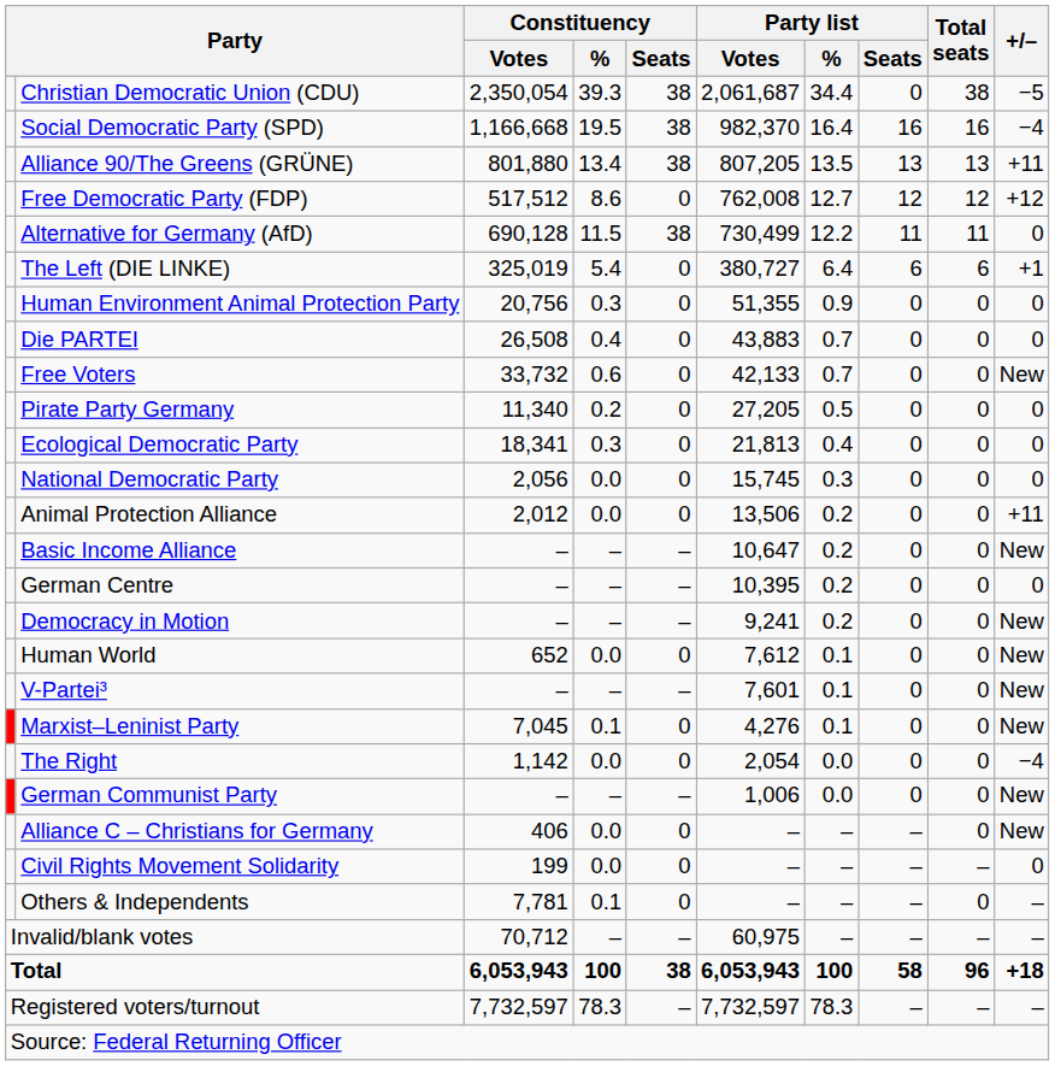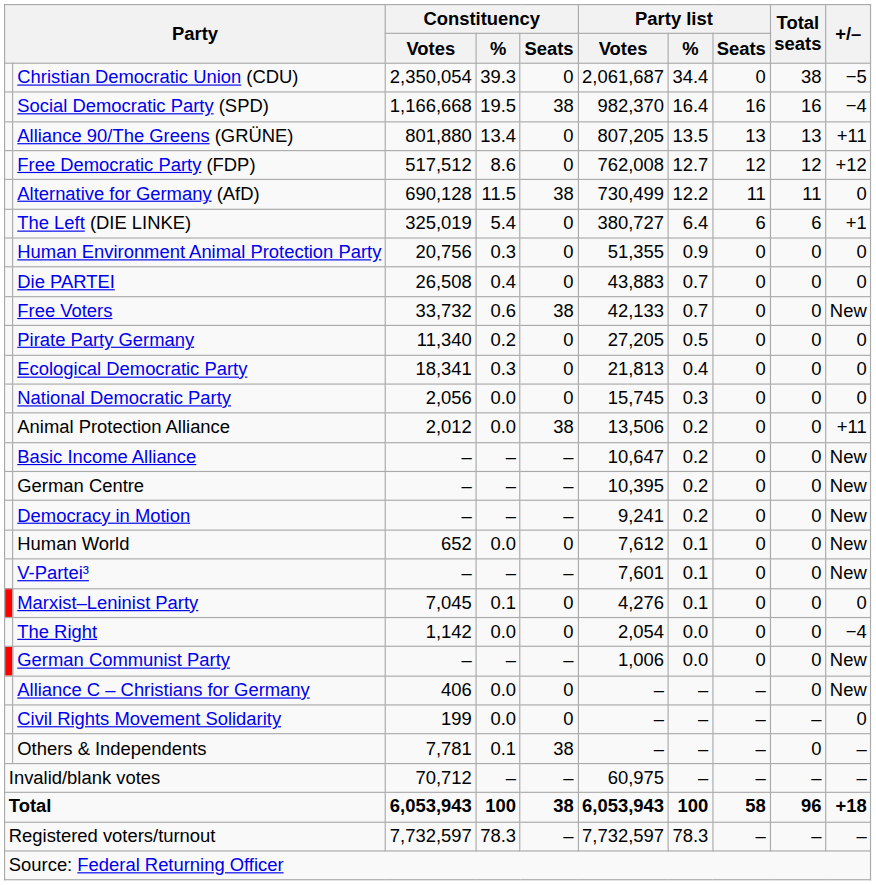 <table class="wikitable" style="text-align:right">
 <tr>
 <th colspan="2" rowspan="2">Party</th>
 <th colspan="3">Constituency</th>
 <th colspan="3">Party list</th>
 <th rowspan="2">Total<br>seats</th>
 <th rowspan="2">+/–</th>
 </tr>
 <tr>
 <th>Votes</th>
 <th>%</th>
 <th>Seats</th>
 <th>Votes</th>
 <th>%</th>
 <th>Seats</th>
 </tr>
 <tr>
 <td></td>
 <td align="left"><a href='#'>Christian Democratic Union</a> (CDU)</td>
 <td>2,350,054</td>
 <td>39.3</td>
-<td>38</td>
+<td>0</td>
 <td>2,061,687</td>
 <td>34.4</td>
 <td>0</td>
 <td>38</td>
 <td>−5</td>
 </tr>
 <tr>
 <td></td>
 <td align="left"><a href='#'>Social Democratic Party</a> (SPD)</td>
 <td>1,166,668</td>
 <td>19.5</td>
 <td>38</td>
 <td>982,370</td>
 <td>16.4</td>
 <td>16</td>
 <td>16</td>
 <td>−4</td>
 </tr>
 <tr>
 <td></td>
 <td align="left"><a href='#'>Alliance 90/The Greens</a> (GRÜNE)</td>
 <td>801,880</td>
 <td>13.4</td>
-<td>38</td>
+<td>0</td>
 <td>807,205</td>
 <td>13.5</td>
 <td>13</td>
 <td>13</td>
 <td>+11</td>
 </tr>
 <tr>
 <td></td>
 <td align="left"><a href='#'>Free Democratic Party</a> (FDP)</td>
 <td>517,512</td>
 <td>8.6</td>
 <td>0</td>
 <td>762,008</td>
 <td>12.7</td>
 <td>12</td>
 <td>12</td>
 <td>+12</td>
 </tr>
 <tr>
 <td></td>
 <td align="left"><a href='#'>Alternative for Germany</a> (AfD)</td>
 <td>690,128</td>
 <td>11.5</td>
 <td>38</td>
 <td>730,499</td>
 <td>12.2</td>
 <td>11</td>
 <td>11</td>
 <td>0</td>
 </tr>
 <tr>
 <td></td>
 <td align="left"><a href='#'>The Left</a> (DIE LINKE)</td>
 <td>325,019</td>
 <td>5.4</td>
 <td>0</td>
 <td>380,727</td>
 <td>6.4</td>
 <td>6</td>
 <td>6</td>
 <td>+1</td>
 </tr>
 <tr>
 <td style="background-color:"></td>
 <td align="left"><a href='#'>Human Environment Animal Protection Party</a></td>
 <td>20,756</td>
 <td>0.3</td>
 <td>0</td>
 <td>51,355</td>
 <td>0.9</td>
 <td>0</td>
 <td>0</td>
 <td>0</td>
 </tr>
 <tr>
 <td style="background-color:"></td>
 <td align="left"><a href='#'>Die PARTEI</a></td>
 <td>26,508</td>
 <td>0.4</td>
 <td>0</td>
 <td>43,883</td>
 <td>0.7</td>
 <td>0</td>
 <td>0</td>
 <td>0</td>
 </tr>
 <tr>
 <td style="background-color:"></td>
 <td align="left"><a href='#'>Free Voters</a></td>
 <td>33,732</td>
 <td>0.6</td>
-<td>0</td>
+<td>38</td>
 <td>42,133</td>
 <td>0.7</td>
 <td>0</td>
 <td>0</td>
 <td>New</td>
 </tr>
 <tr>
 <td style="background-color:"></td>
 <td align="left"><a href='#'>Pirate Party Germany</a></td>
 <td>11,340</td>
 <td>0.2</td>
 <td>0</td>
 <td>27,205</td>
 <td>0.5</td>
 <td>0</td>
 <td>0</td>
 <td>0</td>
 </tr>
 <tr>
 <td style="background-color:"></td>
 <td align="left"><a href='#'>Ecological Democratic Party</a></td>
 <td>18,341</td>
 <td>0.3</td>
 <td>0</td>
 <td>21,813</td>
 <td>0.4</td>
 <td>0</td>
 <td>0</td>
 <td>0</td>
 </tr>
 <tr>
 <td style="background-color:"></td>
 <td align="left"><a href='#'>National Democratic Party</a></td>
 <td>2,056</td>
 <td>0.0</td>
 <td>0</td>
 <td>15,745</td>
 <td>0.3</td>
 <td>0</td>
 <td>0</td>
 <td>0</td>
 </tr>
 <tr>
 <td></td>
 <td align="left">Animal Protection Alliance</td>
 <td>2,012</td>
 <td>0.0</td>
-<td>0</td>
+<td>38</td>
 <td>13,506</td>
 <td>0.2</td>
 <td>0</td>
 <td>0</td>
 <td>+11</td>
 </tr>
 <tr>
 <td style="background-color:"></td>
 <td align="left"><a href='#'>Basic Income Alliance</a></td>
 <td>–</td>
 <td>–</td>
 <td>–</td>
 <td>10,647</td>
 <td>0.2</td>
 <td>0</td>
 <td>0</td>
 <td>New</td>
 </tr>
 <tr>
 <td></td>
 <td align="left">German Centre</td>
 <td>–</td>
 <td>–</td>
 <td>–</td>
 <td>10,395</td>
 <td>0.2</td>
 <td>0</td>
 <td>0</td>
-<td>0</td>
+<td>New</td>
 </tr>
 <tr>
 <td></td>
 <td align="left"><a href='#'>Democracy in Motion</a></td>
 <td>–</td>
 <td>–</td>
 <td>–</td>
 <td>9,241</td>
 <td>0.2</td>
 <td>0</td>
 <td>0</td>
 <td>New</td>
 </tr>
 <tr>
 <td></td>
 <td align="left">Human World</td>
 <td>652</td>
 <td>0.0</td>
 <td>0</td>
 <td>7,612</td>
 <td>0.1</td>
 <td>0</td>
 <td>0</td>
 <td>New</td>
 </tr>
 <tr>
 <td style="background-color:"></td>
 <td align="left"><a href='#'>V-Partei³</a></td>
 <td>–</td>
 <td>–</td>
 <td>–</td>
 <td>7,601</td>
 <td>0.1</td>
 <td>0</td>
 <td>0</td>
 <td>New</td>
 </tr>
 <tr>
 <td style="background-color:red"></td>
 <td align="left"><a href='#'>Marxist–Leninist Party</a></td>
 <td>7,045</td>
 <td>0.1</td>
 <td>0</td>
 <td>4,276</td>
 <td>0.1</td>
 <td>0</td>
 <td>0</td>
-<td>New</td>
+<td>0</td>
 </tr>
 <tr>
 <td></td>
 <td align="left"><a href='#'>The Right</a></td>
 <td>1,142</td>
 <td>0.0</td>
 <td>0</td>
 <td>2,054</td>
 <td>0.0</td>
 <td>0</td>
 <td>0</td>
 <td>−4</td>
 </tr>
 <tr>
 <td style="background-color:red"></td>
 <td align="left"><a href='#'>German Communist Party</a></td>
 <td>–</td>
 <td>–</td>
 <td>–</td>
 <td>1,006</td>
 <td>0.0</td>
 <td>0</td>
 <td>0</td>
 <td>New</td>
 </tr>
 <tr>
 <td></td>
 <td align="left"><a href='#'>Alliance C – Christians for Germany</a></td>
 <td>406</td>
 <td>0.0</td>
 <td>0</td>
 <td>–</td>
 <td>–</td>
 <td>–</td>
 <td>0</td>
 <td>New</td>
 </tr>
 <tr>
 <td></td>
 <td align="left"><a href='#'>Civil Rights Movement Solidarity</a></td>
 <td>199</td>
 <td>0.0</td>
 <td>0</td>
 <td>–</td>
 <td>–</td>
 <td>–</td>
 <td>–</td>
 <td>0</td>
 </tr>
 <tr>
 <td></td>
 <td align="left">Others & Independents</td>
 <td>7,781</td>
 <td>0.1</td>
-<td>0</td>
+<td>38</td>
 <td>–</td>
 <td>–</td>
 <td>–</td>
 <td>0</td>
 <td>–</td>
 </tr>
 <tr>
 <td colspan="2" align="left">Invalid/blank votes</td>
 <td>70,712</td>
 <td>–</td>
 <td>–</td>
 <td>60,975</td>
 <td>–</td>
 <td>–</td>
 <td>–</td>
 <td>–</td>
 </tr>
 <tr>
 <td colspan="2" align="left"><strong>Total</strong></td>
 <td><strong>6,053,943</strong></td>
 <td><strong>100</strong></td>
 <td><strong>38</strong></td>
 <td><strong>6,053,943</strong></td>
 <td><strong>100</strong></td>
 <td><strong>58</strong></td>
 <td><strong>96</strong></td>
 <td><strong>+18</strong></td>
 </tr>
 <tr>
 <td colspan="2" align="left">Registered voters/turnout</td>
 <td>7,732,597</td>
 <td>78.3</td>
 <td>–</td>
 <td>7,732,597</td>
 <td>78.3</td>
 <td>–</td>
 <td>–</td>
 <td>–</td>
 </tr>
 <tr>
 <td colspan="10" align="left">Source: <a href='#'>Federal Returning Officer</a></td>
 </tr>
 </table>
